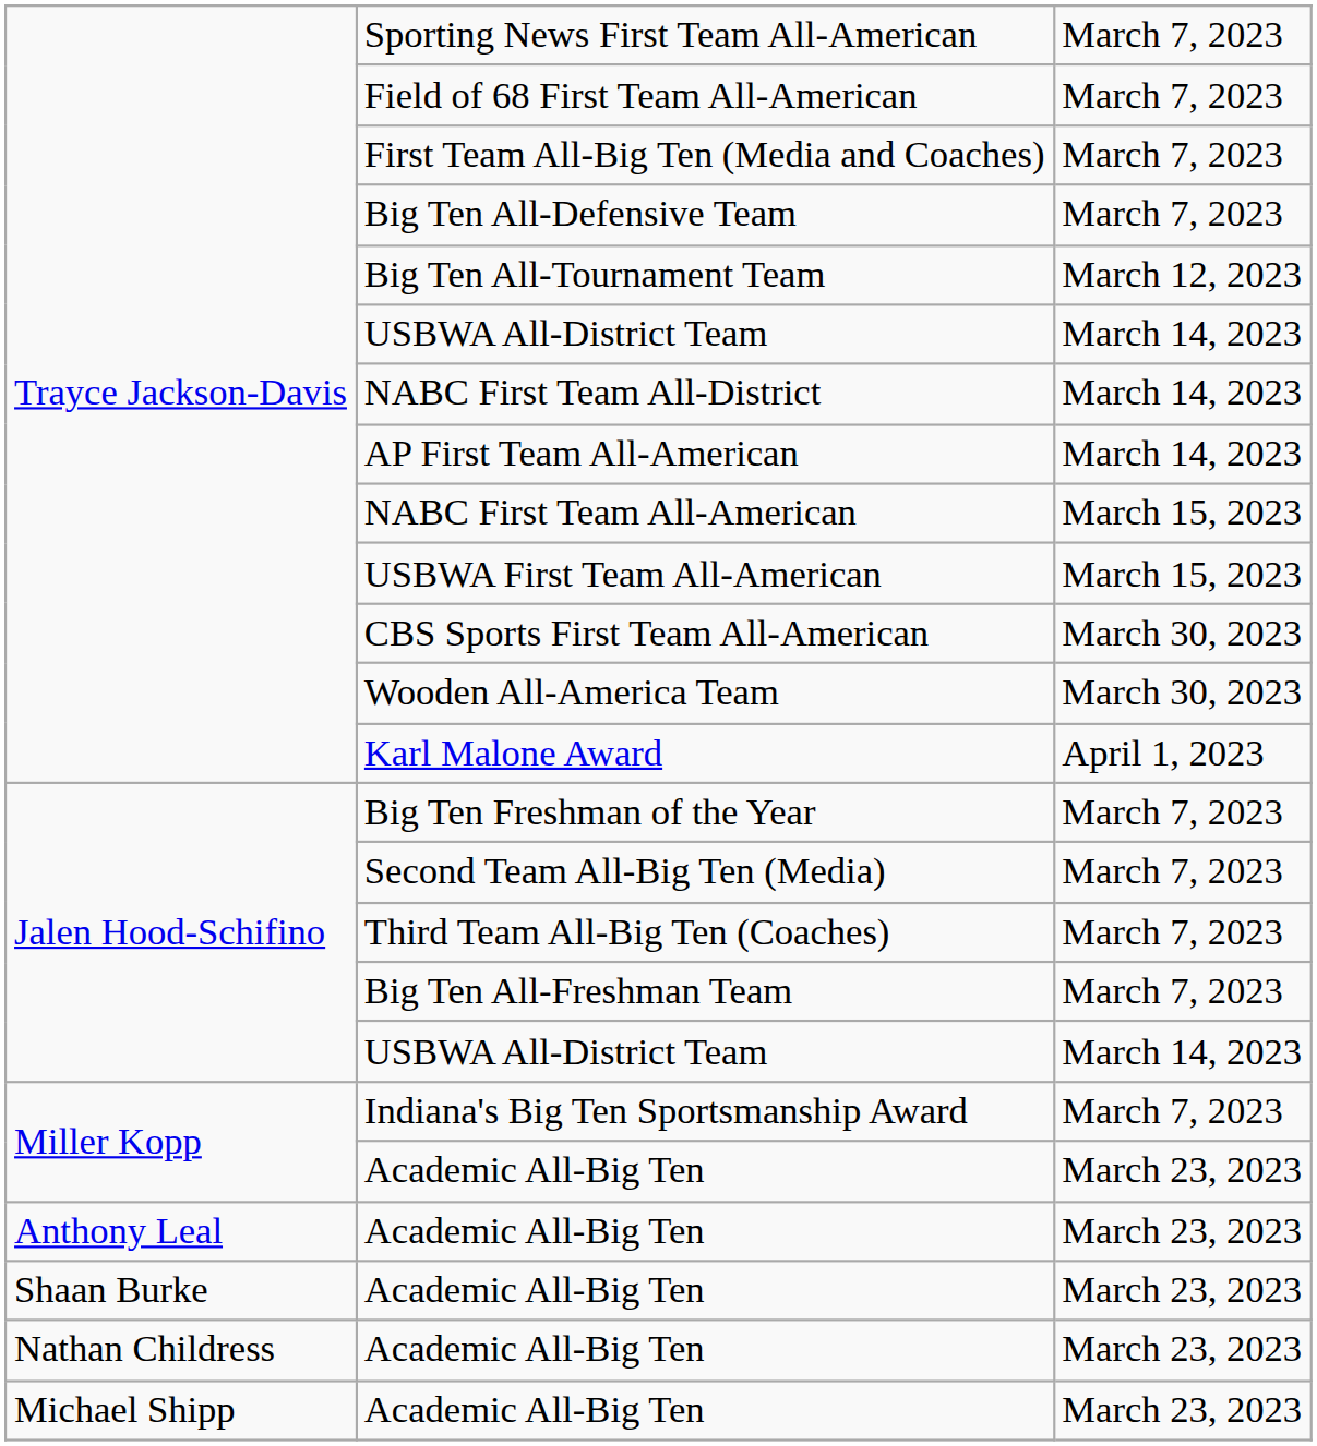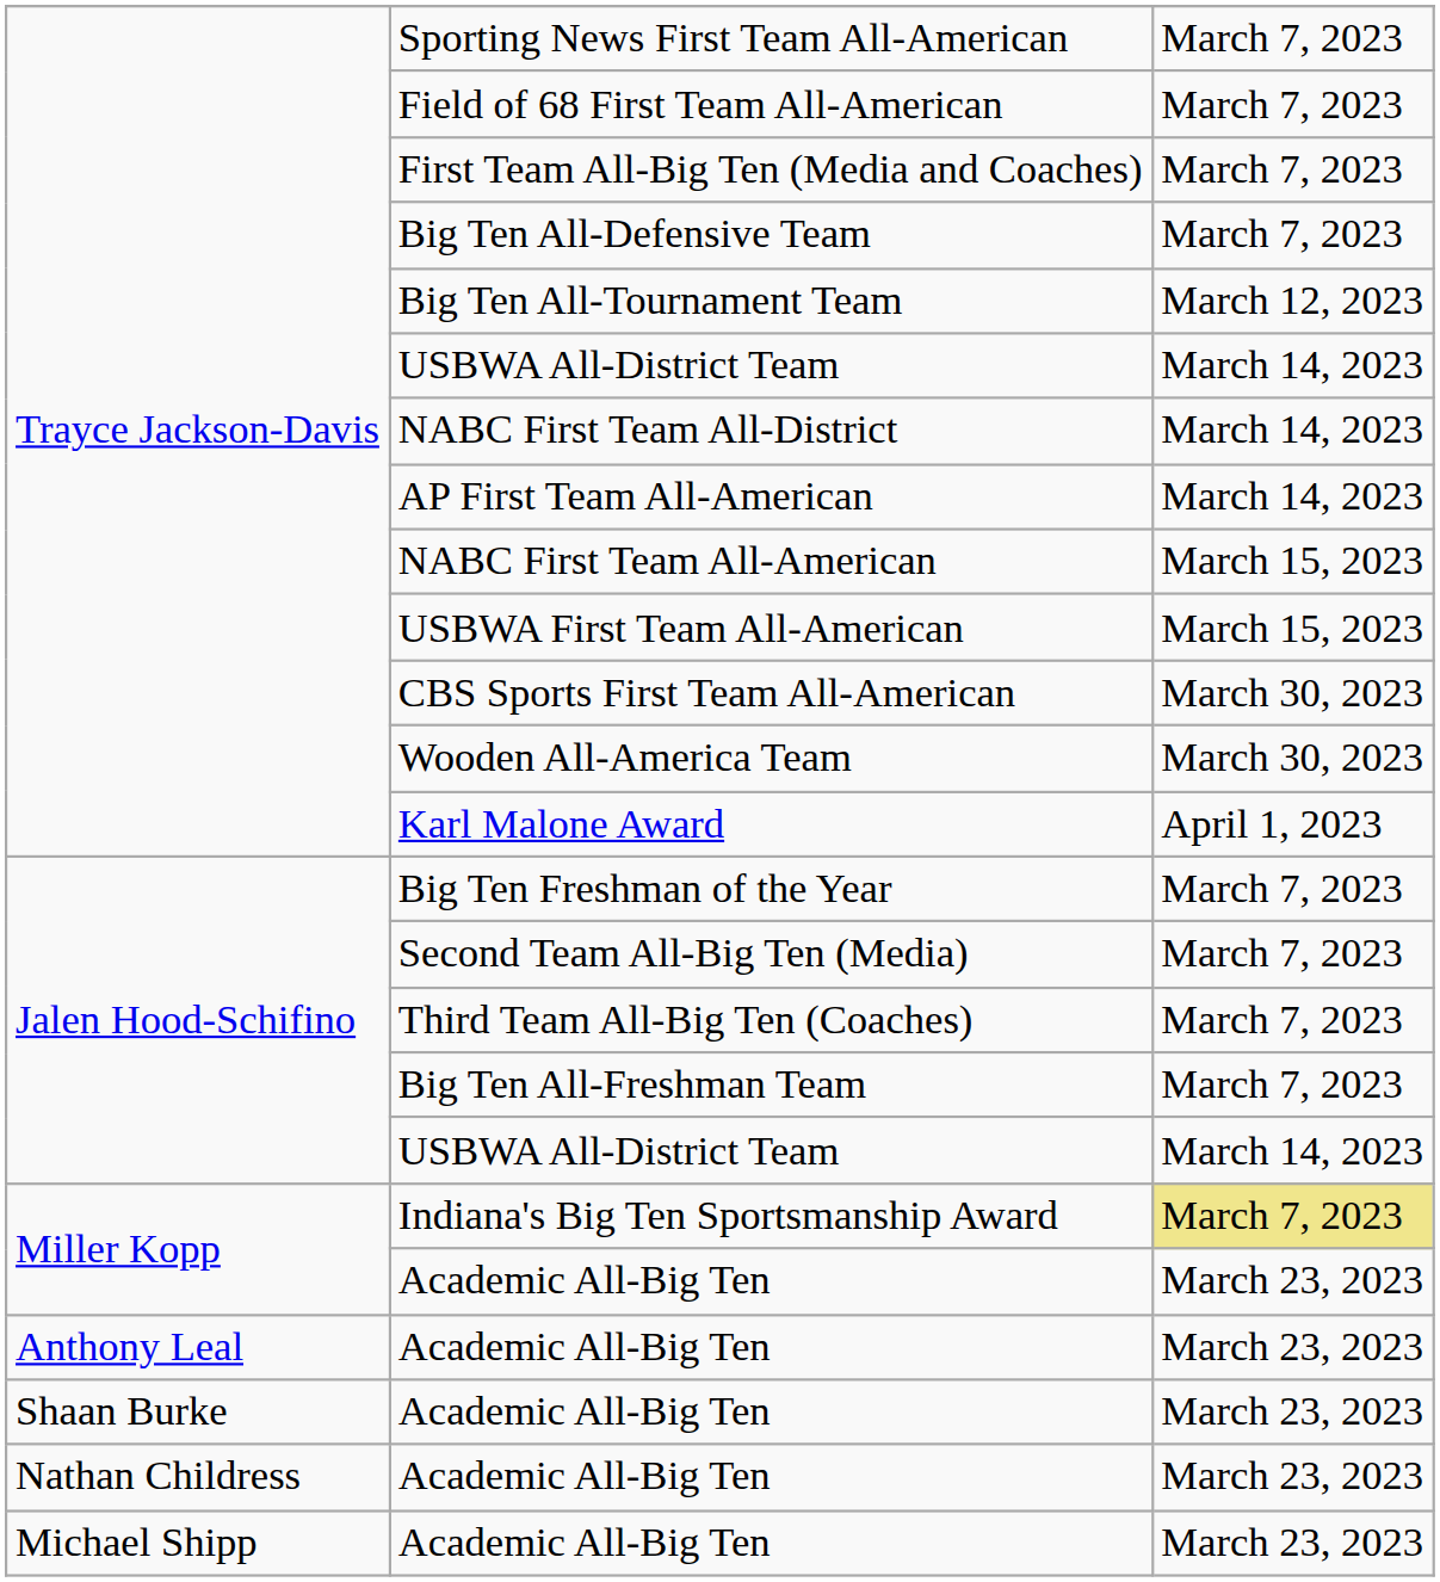 <table class=wikitable "border="1">
 <tr align=center>
 </tr>
 <tr>
 <td rowspan=13><a href='#'>Trayce Jackson-Davis</a></td>
 <td>Sporting News First Team All-American</td>
 <td>March 7, 2023</td>
 </tr>
 <tr>
 <td>Field of 68 First Team All-American</td>
 <td>March 7, 2023</td>
 </tr>
 <tr>
 <td>First Team All-Big Ten (Media and Coaches)</td>
 <td>March 7, 2023</td>
 </tr>
 <tr>
 <td>Big Ten All-Defensive Team</td>
 <td>March 7, 2023</td>
 </tr>
 <tr>
 <td>Big Ten All-Tournament Team</td>
 <td>March 12, 2023</td>
 </tr>
 <tr>
 <td>USBWA All-District Team</td>
 <td>March 14, 2023</td>
 </tr>
 <tr>
 <td>NABC First Team All-District</td>
 <td>March 14, 2023</td>
 </tr>
 <tr>
 <td>AP First Team All-American</td>
 <td>March 14, 2023</td>
 </tr>
 <tr>
 <td>NABC First Team All-American</td>
 <td>March 15, 2023</td>
 </tr>
 <tr>
 <td>USBWA First Team All-American</td>
 <td>March 15, 2023</td>
 </tr>
 <tr>
 <td>CBS Sports First Team All-American</td>
 <td>March 30, 2023</td>
 </tr>
 <tr>
 <td>Wooden All-America Team</td>
 <td>March 30, 2023</td>
 </tr>
 <tr>
 <td><a href='#'>Karl Malone Award</a></td>
 <td>April 1, 2023</td>
 </tr>
 <tr>
 <td rowspan=5><a href='#'>Jalen Hood-Schifino</a></td>
 <td>Big Ten Freshman of the Year</td>
 <td>March 7, 2023</td>
 </tr>
 <tr>
 <td>Second Team All-Big Ten (Media)</td>
 <td>March 7, 2023</td>
 </tr>
 <tr>
 <td>Third Team All-Big Ten (Coaches)</td>
 <td>March 7, 2023</td>
 </tr>
 <tr>
 <td>Big Ten All-Freshman Team</td>
 <td>March 7, 2023</td>
 </tr>
 <tr>
 <td>USBWA All-District Team</td>
 <td>March 14, 2023</td>
 </tr>
 <tr>
 <td rowspan=2><a href='#'>Miller Kopp</a></td>
 <td>Indiana's Big Ten Sportsmanship Award</td>
-<td>March 7, 2023</td>
+<td style="background: khaki;">March 7, 2023</td>
 </tr>
 <tr>
 <td>Academic All-Big Ten</td>
 <td>March 23, 2023</td>
 </tr>
 <tr>
 <td rowspan=1><a href='#'>Anthony Leal</a></td>
 <td>Academic All-Big Ten</td>
 <td>March 23, 2023</td>
 </tr>
 <tr>
 <td rowspan=1>Shaan Burke</td>
 <td>Academic All-Big Ten</td>
 <td>March 23, 2023</td>
 </tr>
 <tr>
 <td rowspan=1>Nathan Childress</td>
 <td>Academic All-Big Ten</td>
 <td>March 23, 2023</td>
 </tr>
 <tr>
 <td rowspan=1>Michael Shipp</td>
 <td>Academic All-Big Ten</td>
 <td>March 23, 2023</td>
 </tr>
 </table>
